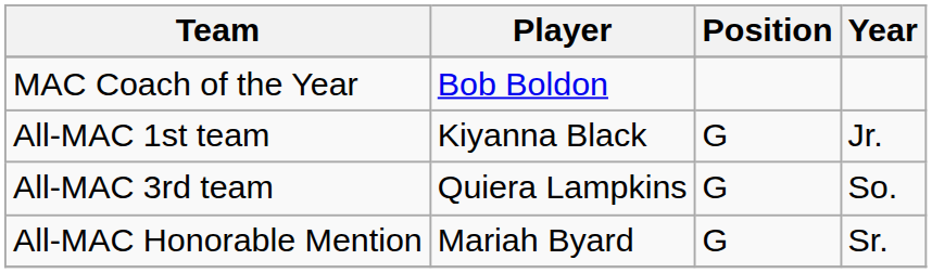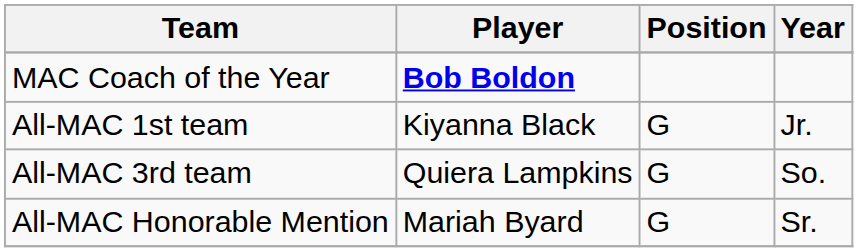 <table class="wikitable" border="1">
 <tr align=center>
 <th style= >Team</th>
 <th style= >Player</th>
 <th style= >Position</th>
 <th style= >Year</th>
 </tr>
 <tr align="center">
 </tr>
 <tr>
 <td>MAC Coach of the Year</td>
-<td><a href='#'>Bob Boldon</a></td>
+<td><strong><a href='#'>Bob Boldon</a></strong></td>
 <td></td>
 <td></td>
 </tr>
 <tr>
 <td>All-MAC 1st team</td>
 <td>Kiyanna Black</td>
 <td>G</td>
 <td>Jr.</td>
 </tr>
 <tr>
 <td>All-MAC 3rd team</td>
 <td>Quiera Lampkins</td>
 <td>G</td>
 <td>So.</td>
 </tr>
 <tr>
 <td>All-MAC Honorable Mention</td>
 <td>Mariah Byard</td>
 <td>G</td>
 <td>Sr.</td>
 </tr>
 <tr>
 </tr>
 </table>
